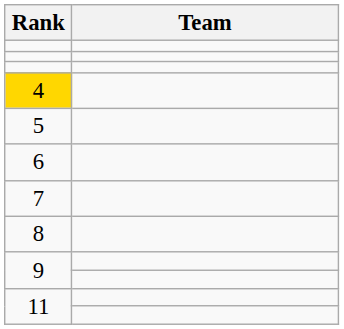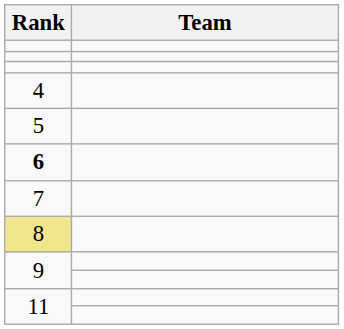 <table class="wikitable" style="text-align:center;">
 <tr>
 <th width=40>Rank</th>
 <th width=180>Team</th>
 </tr>
 <tr>
 <td></td>
 <td style="text-align:left;"></td>
 </tr>
 <tr>
 <td></td>
 <td style="text-align:left;"></td>
 </tr>
 <tr>
 <td></td>
 <td style="text-align:left;"></td>
 </tr>
 <tr>
-<td style="background: gold;">4</td>
+<td>4</td>
 <td style="text-align:left;"></td>
 </tr>
 <tr>
 <td>5</td>
 <td style="text-align:left;"></td>
 </tr>
 <tr>
-<td>6</td>
+<td><strong>6</strong></td>
 <td style="text-align:left;"></td>
 </tr>
 <tr>
 <td>7</td>
 <td style="text-align:left;"></td>
 </tr>
 <tr>
-<td>8</td>
+<td style="background: khaki;">8</td>
 <td style="text-align:left;"></td>
 </tr>
 <tr>
 <td rowspan=2>9</td>
 <td style="text-align:left;"></td>
 </tr>
 <tr>
 <td style="text-align:left;"></td>
 </tr>
 <tr>
 <td rowspan=2>11</td>
 <td style="text-align:left;"></td>
 </tr>
 <tr>
 <td style="text-align:left;"></td>
 </tr>
 </table>
